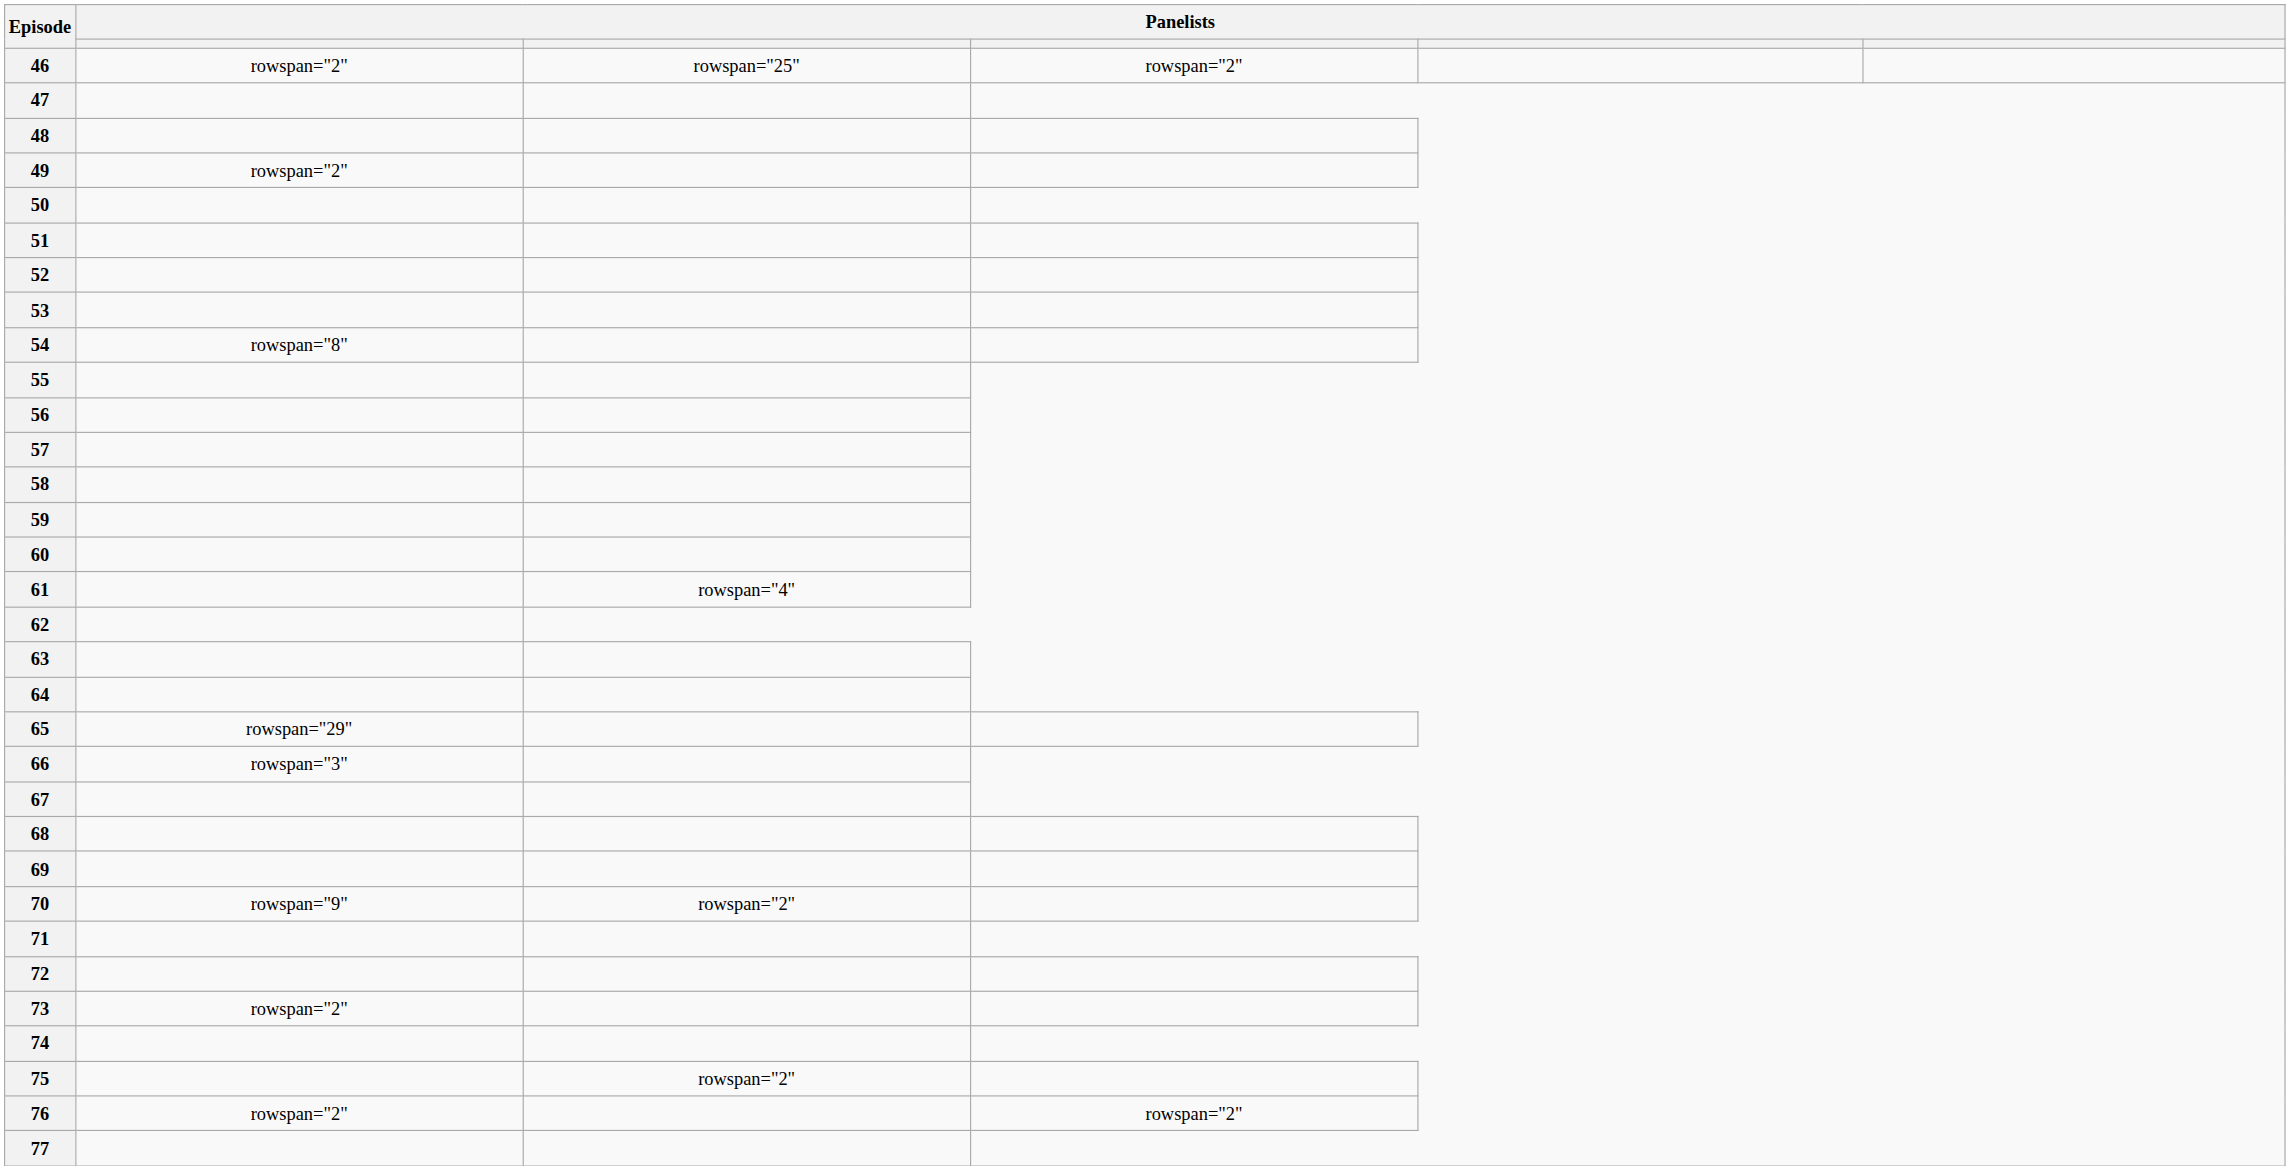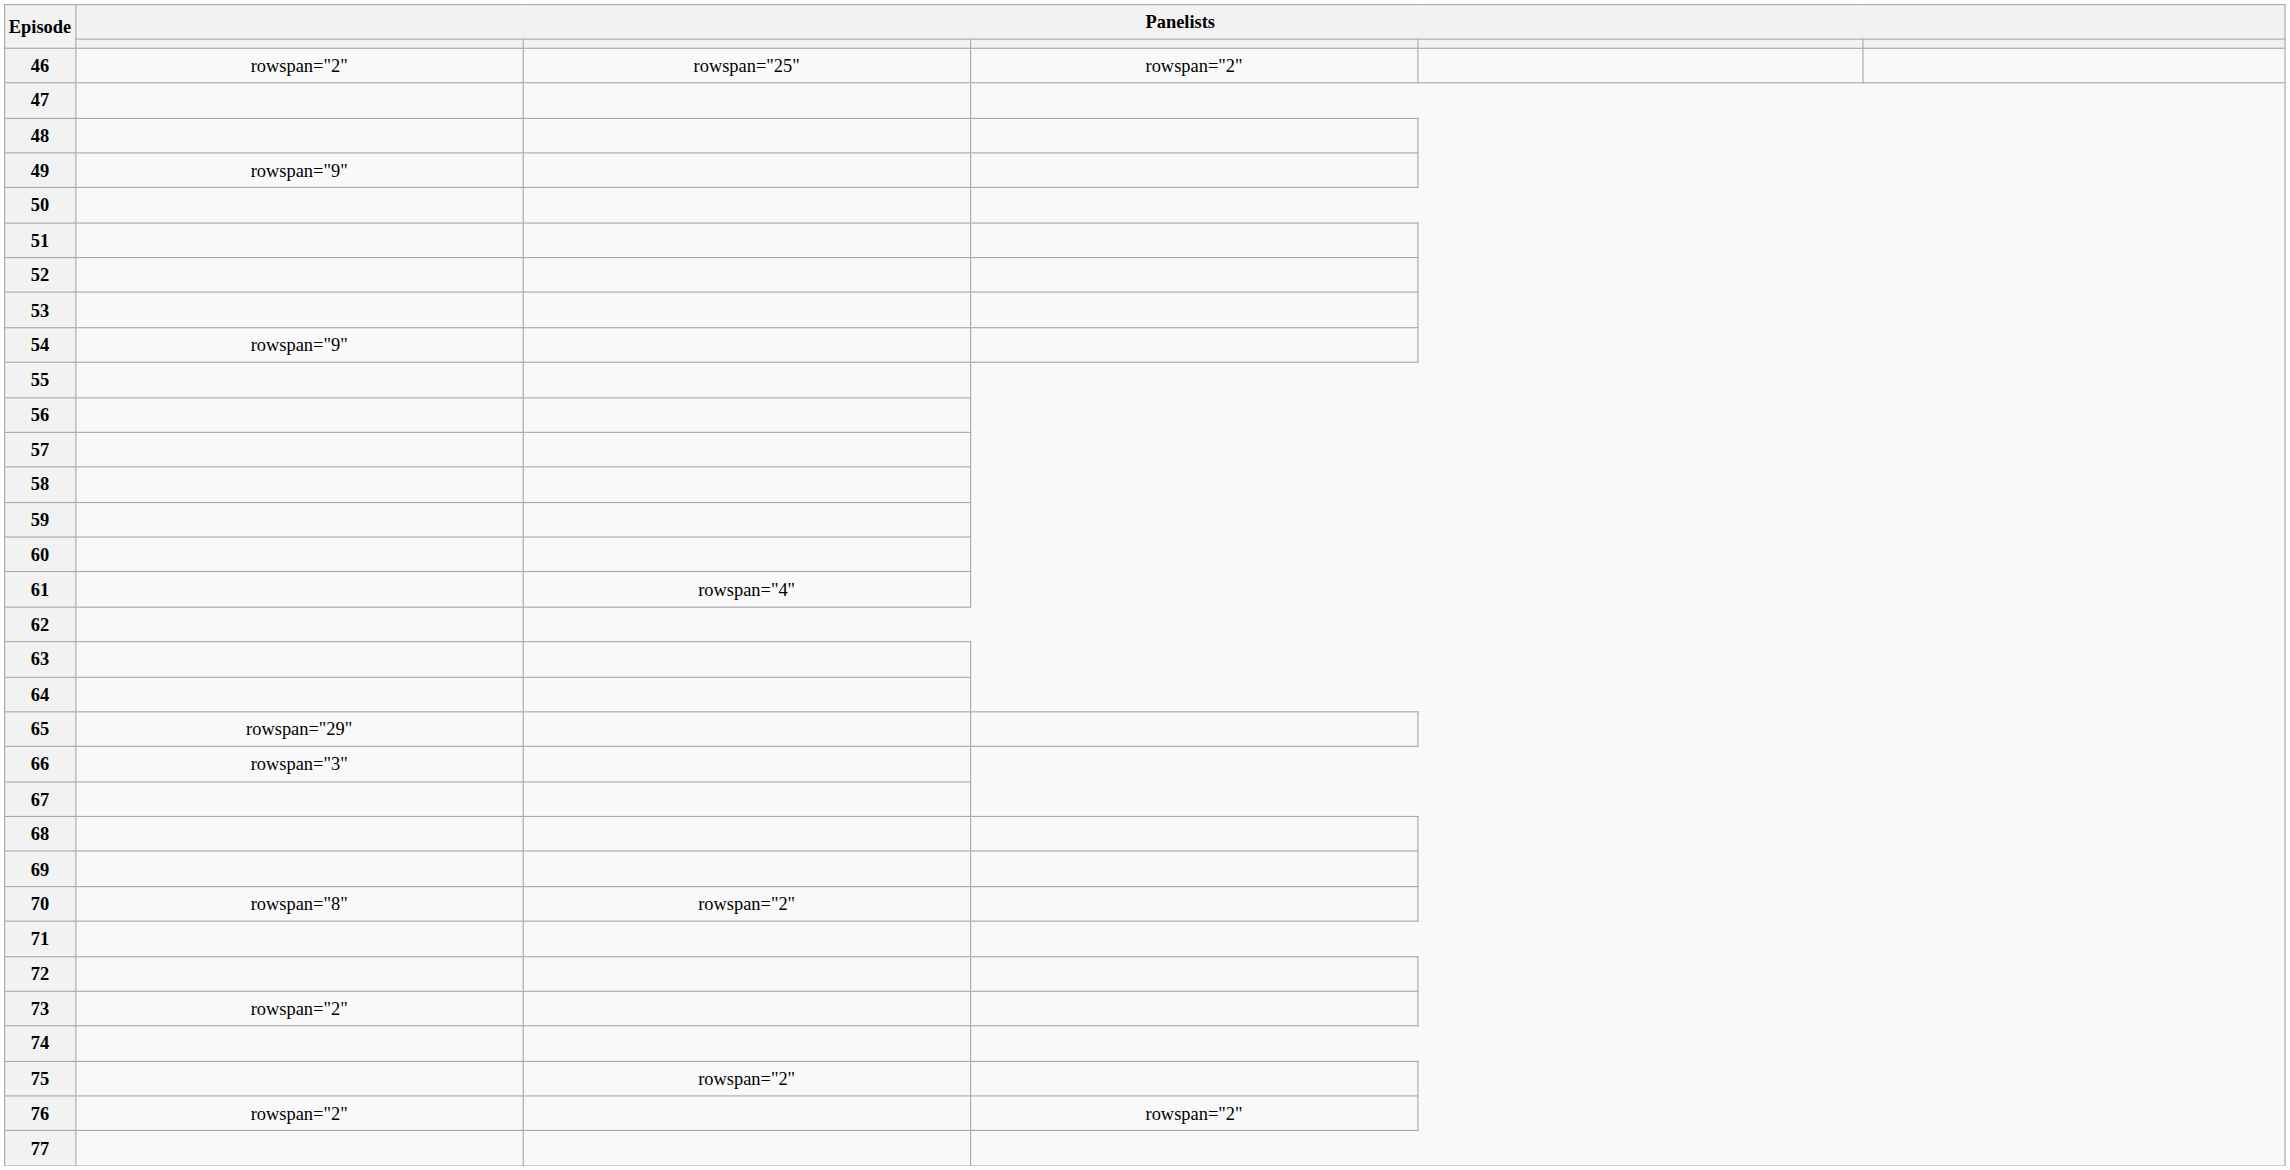 <table class="wikitable plainrowheaders mw-collapsible" style="text-align:center; line-height:23px; width:100%;">
 <tr>
 <th rowspan="2" width="1%">Episode</th>
 <th colspan="5">Panelists</th>
 </tr>
 <tr>
 <th width="20%"></th>
 <th width="20%"></th>
 <th width="20%"></th>
 <th width="20%"></th>
 <th width="20%"></th>
 </tr>
 <tr>
 <th>46</th>
 <td>rowspan="2" </td>
 <td>rowspan="25" </td>
 <td>rowspan="2" </td>
 <td></td>
 <td></td>
 </tr>
 <tr>
 <th>47</th>
 <td></td>
 <td></td>
 </tr>
 <tr>
 <th>48</th>
 <td></td>
 <td></td>
 <td></td>
 </tr>
 <tr>
 <th>49</th>
-<td>rowspan="2" </td>
+<td>rowspan="9" </td>
 <td></td>
 <td></td>
 </tr>
 <tr>
 <th>50</th>
 <td></td>
 <td></td>
 </tr>
 <tr>
 <th>51</th>
 <td></td>
 <td></td>
 <td></td>
 </tr>
 <tr>
 <th>52</th>
 <td></td>
 <td></td>
 <td></td>
 </tr>
 <tr>
 <th>53</th>
 <td></td>
 <td></td>
 <td></td>
 </tr>
 <tr>
 <th>54</th>
-<td>rowspan="8" </td>
+<td>rowspan="9" </td>
 <td></td>
 <td></td>
 </tr>
 <tr>
 <th>55</th>
 <td></td>
 <td></td>
 </tr>
 <tr>
 <th>56</th>
 <td></td>
 <td></td>
 </tr>
 <tr>
 <th>57</th>
 <td></td>
 <td></td>
 </tr>
 <tr>
 <th>58</th>
 <td></td>
 <td></td>
 </tr>
 <tr>
 <th>59</th>
 <td></td>
 <td></td>
 </tr>
 <tr>
 <th>60</th>
 <td></td>
 <td></td>
 </tr>
 <tr>
 <th>61</th>
 <td></td>
 <td>rowspan="4" </td>
 </tr>
 <tr>
 <th>62</th>
 <td></td>
 </tr>
 <tr>
 <th>63</th>
 <td></td>
 <td></td>
 </tr>
 <tr>
 <th>64</th>
 <td></td>
 <td></td>
 </tr>
 <tr>
 <th>65</th>
 <td>rowspan="29" </td>
 <td></td>
 <td></td>
 </tr>
 <tr>
 <th>66</th>
 <td>rowspan="3" </td>
 <td></td>
 </tr>
 <tr>
 <th>67</th>
 <td></td>
 <td></td>
 </tr>
 <tr>
 <th>68</th>
 <td></td>
 <td></td>
 <td></td>
 </tr>
 <tr>
 <th>69</th>
 <td></td>
 <td></td>
 <td></td>
 </tr>
 <tr>
 <th>70</th>
-<td>rowspan="9" </td>
+<td>rowspan="8" </td>
 <td>rowspan="2" </td>
 <td></td>
 </tr>
 <tr>
 <th>71</th>
 <td></td>
 <td></td>
 </tr>
 <tr>
 <th>72</th>
 <td></td>
 <td></td>
 <td></td>
 </tr>
 <tr>
 <th>73</th>
 <td>rowspan="2" </td>
 <td></td>
 <td></td>
 </tr>
 <tr>
 <th>74</th>
 <td></td>
 <td></td>
 </tr>
 <tr>
 <th>75</th>
 <td></td>
 <td>rowspan="2" </td>
 <td></td>
 </tr>
 <tr>
 <th>76</th>
 <td>rowspan="2" </td>
 <td></td>
 <td>rowspan="2" </td>
 </tr>
 <tr>
 <th>77</th>
 <td></td>
 <td></td>
 </tr>
 </table>
